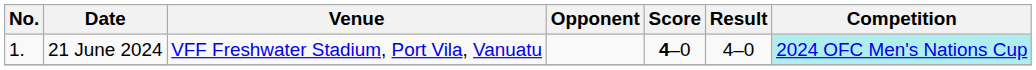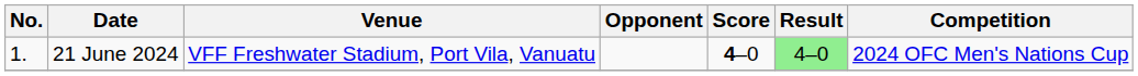 <table class="wikitable">
 <tr>
 <th>No.</th>
 <th>Date</th>
 <th>Venue</th>
 <th>Opponent</th>
 <th>Score</th>
 <th>Result</th>
 <th>Competition</th>
 </tr>
 <tr>
 <td>1.</td>
 <td>21 June 2024</td>
 <td><a href='#'>VFF Freshwater Stadium</a>, <a href='#'>Port Vila</a>, <a href='#'>Vanuatu</a></td>
 <td></td>
 <td align=center><strong>4</strong>–0</td>
-<td align=center>4–0</td>
-<td style="background: paleturquoise;"><a href='#'>2024 OFC Men's Nations Cup</a></td>
+<td align=center style="background: lightgreen;">4–0</td>
+<td><a href='#'>2024 OFC Men's Nations Cup</a></td>
 </tr>
 <tr>
 </tr>
 </table>
